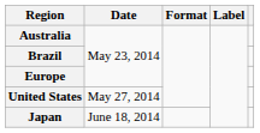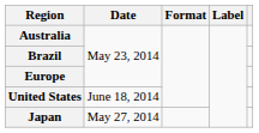 <table class="wikitable plainrowheaders">
 <tr>
 <th scope="col">Region</th>
 <th scope="col">Date</th>
 <th scope="col">Format</th>
 <th scope="col">Label</th>
 <th scope="col"></th>
 </tr>
 <tr>
 <th scope="row">Australia</th>
 <td rowspan="3">May 23, 2014</td>
 <td rowspan="4"></td>
 <td rowspan="5"></td>
 <td align="center"></td>
 </tr>
 <tr>
 <th scope="row">Brazil</th>
 <td align="center"></td>
 </tr>
 <tr>
 <th scope="row">Europe</th>
 <td align="center"></td>
 </tr>
 <tr>
 <th scope="row">United States</th>
-<td>May 27, 2014</td>
+<td>June 18, 2014</td>
 <td align="center"></td>
 </tr>
 <tr>
 <th scope="row">Japan</th>
-<td>June 18, 2014</td>
+<td>May 27, 2014</td>
 <td></td>
 <td align="center"></td>
 </tr>
 </table>
